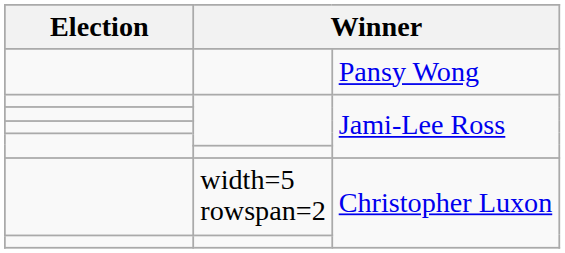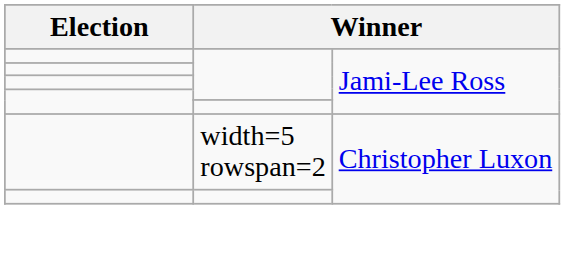 <table class="wikitable">
 <tr>
 <th width=100>Election</th>
 <th width=175 colspan=2>Winner</th>
-</tr>
-<tr>
-<td></td>
-<td></td>
-<td><a href='#'>Pansy Wong</a></td>
 </tr>
 <tr>
 <td></td>
 <td width=5 rowspan=3 style="border-bottom:solid 0 grey; background:"></td>
 <td rowspan=5><a href='#'>Jami-Lee Ross</a></td>
 </tr>
 <tr>
 <td></td>
 </tr>
 <tr>
 <td></td>
 </tr>
 <tr>
 <td rowspan="2"></td>
 <td style="border-top:solid 0 grey; background:"></td>
 </tr>
 <tr>
 <td></td>
 </tr>
 <tr>
 <td></td>
 <td>width=5 rowspan=2 </td>
 <td rowspan="2"><a href='#'>Christopher Luxon</a></td>
 </tr>
 <tr>
 <td></td>
 </tr>
 </table>
